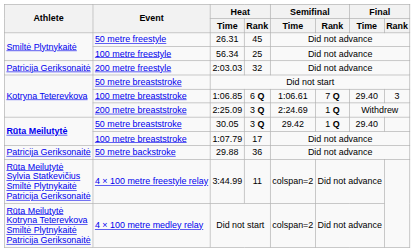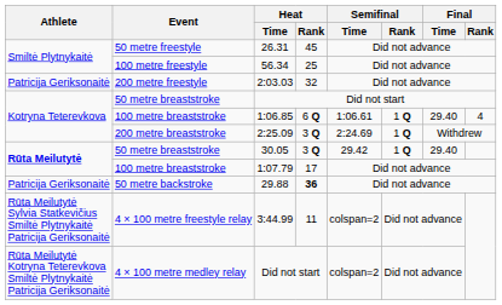 <table class="wikitable" style="font-size:90%;">
 <tr>
 <th rowspan="2">Athlete</th>
 <th rowspan="2">Event</th>
 <th colspan="2">Heat</th>
 <th colspan="2">Semifinal</th>
 <th colspan="2">Final</th>
 </tr>
 <tr>
 <th>Time</th>
 <th>Rank</th>
 <th>Time</th>
 <th>Rank</th>
 <th>Time</th>
 <th>Rank</th>
 </tr>
 <tr align=center>
 <td align=left rowspan=2><a href='#'>Smiltė Plytnykaitė</a></td>
 <td align=left><a href='#'>50 metre freestyle</a></td>
 <td>26.31</td>
 <td>45</td>
 <td colspan=4>Did not advance</td>
 </tr>
 <tr align=center>
 <td align=left><a href='#'>100 metre freestyle</a></td>
 <td>56.34</td>
 <td>25</td>
 <td colspan=4>Did not advance</td>
 </tr>
 <tr align=center>
 <td align=left><a href='#'>Patricija Geriksonaitė</a></td>
 <td align=left><a href='#'>200 metre freestyle</a></td>
 <td>2:03.03</td>
 <td>32</td>
 <td colspan=4>Did not advance</td>
 </tr>
 <tr align=center>
 <td align=left rowspan=3><a href='#'>Kotryna Teterevkova</a></td>
 <td align=left><a href='#'>50 metre breaststroke</a></td>
 <td colspan=6>Did not start</td>
 </tr>
 <tr align=center>
 <td align=left><a href='#'>100 metre breaststroke</a></td>
 <td>1:06.85</td>
 <td>6 <strong>Q</strong></td>
 <td>1:06.61</td>
-<td>7 <strong>Q</strong></td>
+<td>1 <strong>Q</strong></td>
 <td>29.40</td>
-<td>3</td>
+<td>4</td>
 </tr>
 <tr align=center>
 <td align=left><a href='#'>200 metre breaststroke</a></td>
 <td>2:25.09</td>
 <td>3 <strong>Q</strong></td>
 <td>2:24.69</td>
 <td>1 <strong>Q</strong></td>
 <td colspan=4>Withdrew</td>
 </tr>
 <tr align=center>
 <td align=left rowspan=2><strong><a href='#'>Rūta Meilutytė</a></strong></td>
 <td align=left><a href='#'>50 metre breaststroke</a></td>
 <td>30.05</td>
 <td>3 <strong>Q</strong></td>
 <td>29.42</td>
 <td>1 <strong>Q</strong></td>
 <td>29.40</td>
 <td></td>
 </tr>
 <tr align=center>
 <td align=left><a href='#'>100 metre breaststroke</a></td>
 <td>1:07.79</td>
 <td>17</td>
 <td colspan=4>Did not advance</td>
 </tr>
 <tr align=center>
 <td align=left><a href='#'>Patricija Geriksonaitė</a></td>
 <td align=left><a href='#'>50 metre backstroke</a></td>
 <td>29.88</td>
-<td>36</td>
+<td><strong>36</strong></td>
 <td colspan=4>Did not advance</td>
 </tr>
 <tr align=center>
 <td align=left><a href='#'>Rūta Meilutytė</a><br><a href='#'>Sylvia Statkevičius</a><br><a href='#'>Smiltė Plytnykaitė</a><br><a href='#'>Patricija Geriksonaitė</a></td>
 <td align=left><a href='#'>4 × 100 metre freestyle relay</a></td>
 <td>3:44.99</td>
 <td>11</td>
 <td>colspan=2</td>
 <td colspan=2>Did not advance</td>
 </tr>
 <tr align=center>
 <td align=left><a href='#'>Rūta Meilutytė</a><br><a href='#'>Kotryna Teterevkova</a><br><a href='#'>Smiltė Plytnykaitė</a><br><a href='#'>Patricija Geriksonaitė</a></td>
 <td align=left><a href='#'>4 × 100 metre medley relay</a></td>
 <td colspan=2>Did not start</td>
 <td>colspan=2</td>
 <td colspan=2>Did not advance</td>
 </tr>
 </table>
